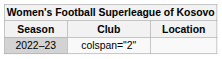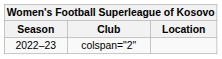 <table class="wikitable" style="text-align: center;">
 <tr>
 <th colspan="3">Women's Football Superleague of Kosovo</th>
 </tr>
 <tr>
 <th>Season</th>
 <th>Club</th>
 <th>Location</th>
 </tr>
 <tr>
-<td style="background: lightgrey;">2022–23</td>
+<td>2022–23</td>
 <td>colspan="2" </td>
 </tr>
 </table>
